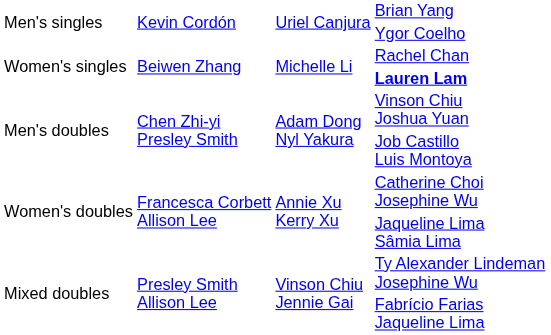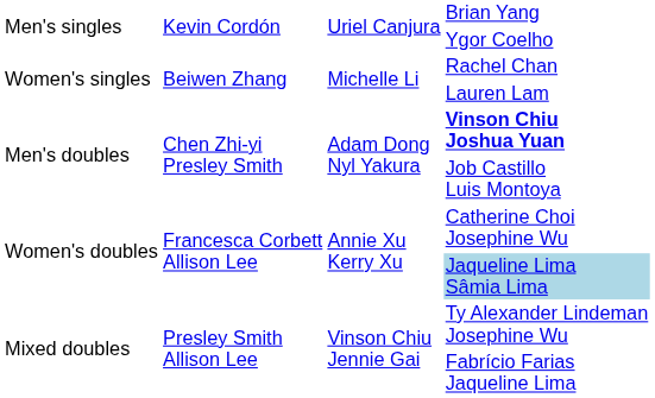 <table>
 <tr>
 <td rowspan="2">Men's singles</td>
 <td rowspan="2"> <a href='#'>Kevin Cordón</a></td>
 <td rowspan="2"> <a href='#'>Uriel Canjura</a></td>
 <td> <a href='#'>Brian Yang</a></td>
 </tr>
 <tr>
 <td> <a href='#'>Ygor Coelho</a></td>
 </tr>
 <tr>
 <td rowspan="2">Women's singles</td>
 <td rowspan="2"> <a href='#'>Beiwen Zhang</a></td>
 <td rowspan="2"> <a href='#'>Michelle Li</a></td>
 <td> <a href='#'>Rachel Chan</a></td>
 </tr>
 <tr>
-<td><strong> <a href='#'>Lauren Lam</a></strong></td>
+<td> <a href='#'>Lauren Lam</a></td>
 </tr>
 <tr>
 <td rowspan="2">Men's doubles</td>
 <td rowspan="2"> <a href='#'>Chen Zhi-yi</a><br> <a href='#'>Presley Smith</a></td>
 <td rowspan="2"> <a href='#'>Adam Dong</a><br> <a href='#'>Nyl Yakura</a></td>
-<td> <a href='#'>Vinson Chiu</a><br> <a href='#'>Joshua Yuan</a></td>
+<td><strong> <a href='#'>Vinson Chiu</a><br> <a href='#'>Joshua Yuan</a></strong></td>
 </tr>
 <tr>
 <td> <a href='#'>Job Castillo</a><br> <a href='#'>Luis Montoya</a></td>
 </tr>
 <tr>
 <td rowspan="2">Women's doubles</td>
 <td rowspan="2"> <a href='#'>Francesca Corbett</a><br> <a href='#'>Allison Lee</a></td>
 <td rowspan="2"> <a href='#'>Annie Xu</a><br> <a href='#'>Kerry Xu</a></td>
 <td> <a href='#'>Catherine Choi</a><br> <a href='#'>Josephine Wu</a></td>
 </tr>
 <tr>
-<td> <a href='#'>Jaqueline Lima</a><br> <a href='#'>Sâmia Lima</a></td>
+<td style="background: lightblue;"> <a href='#'>Jaqueline Lima</a><br> <a href='#'>Sâmia Lima</a></td>
 </tr>
 <tr>
 <td rowspan="2">Mixed doubles</td>
 <td rowspan="2"> <a href='#'>Presley Smith</a><br> <a href='#'>Allison Lee</a></td>
 <td rowspan="2"> <a href='#'>Vinson Chiu</a><br> <a href='#'>Jennie Gai</a></td>
 <td> <a href='#'>Ty Alexander Lindeman</a><br> <a href='#'>Josephine Wu</a></td>
 </tr>
 <tr>
 <td> <a href='#'>Fabrício Farias</a><br> <a href='#'>Jaqueline Lima</a></td>
 </tr>
 </table>
